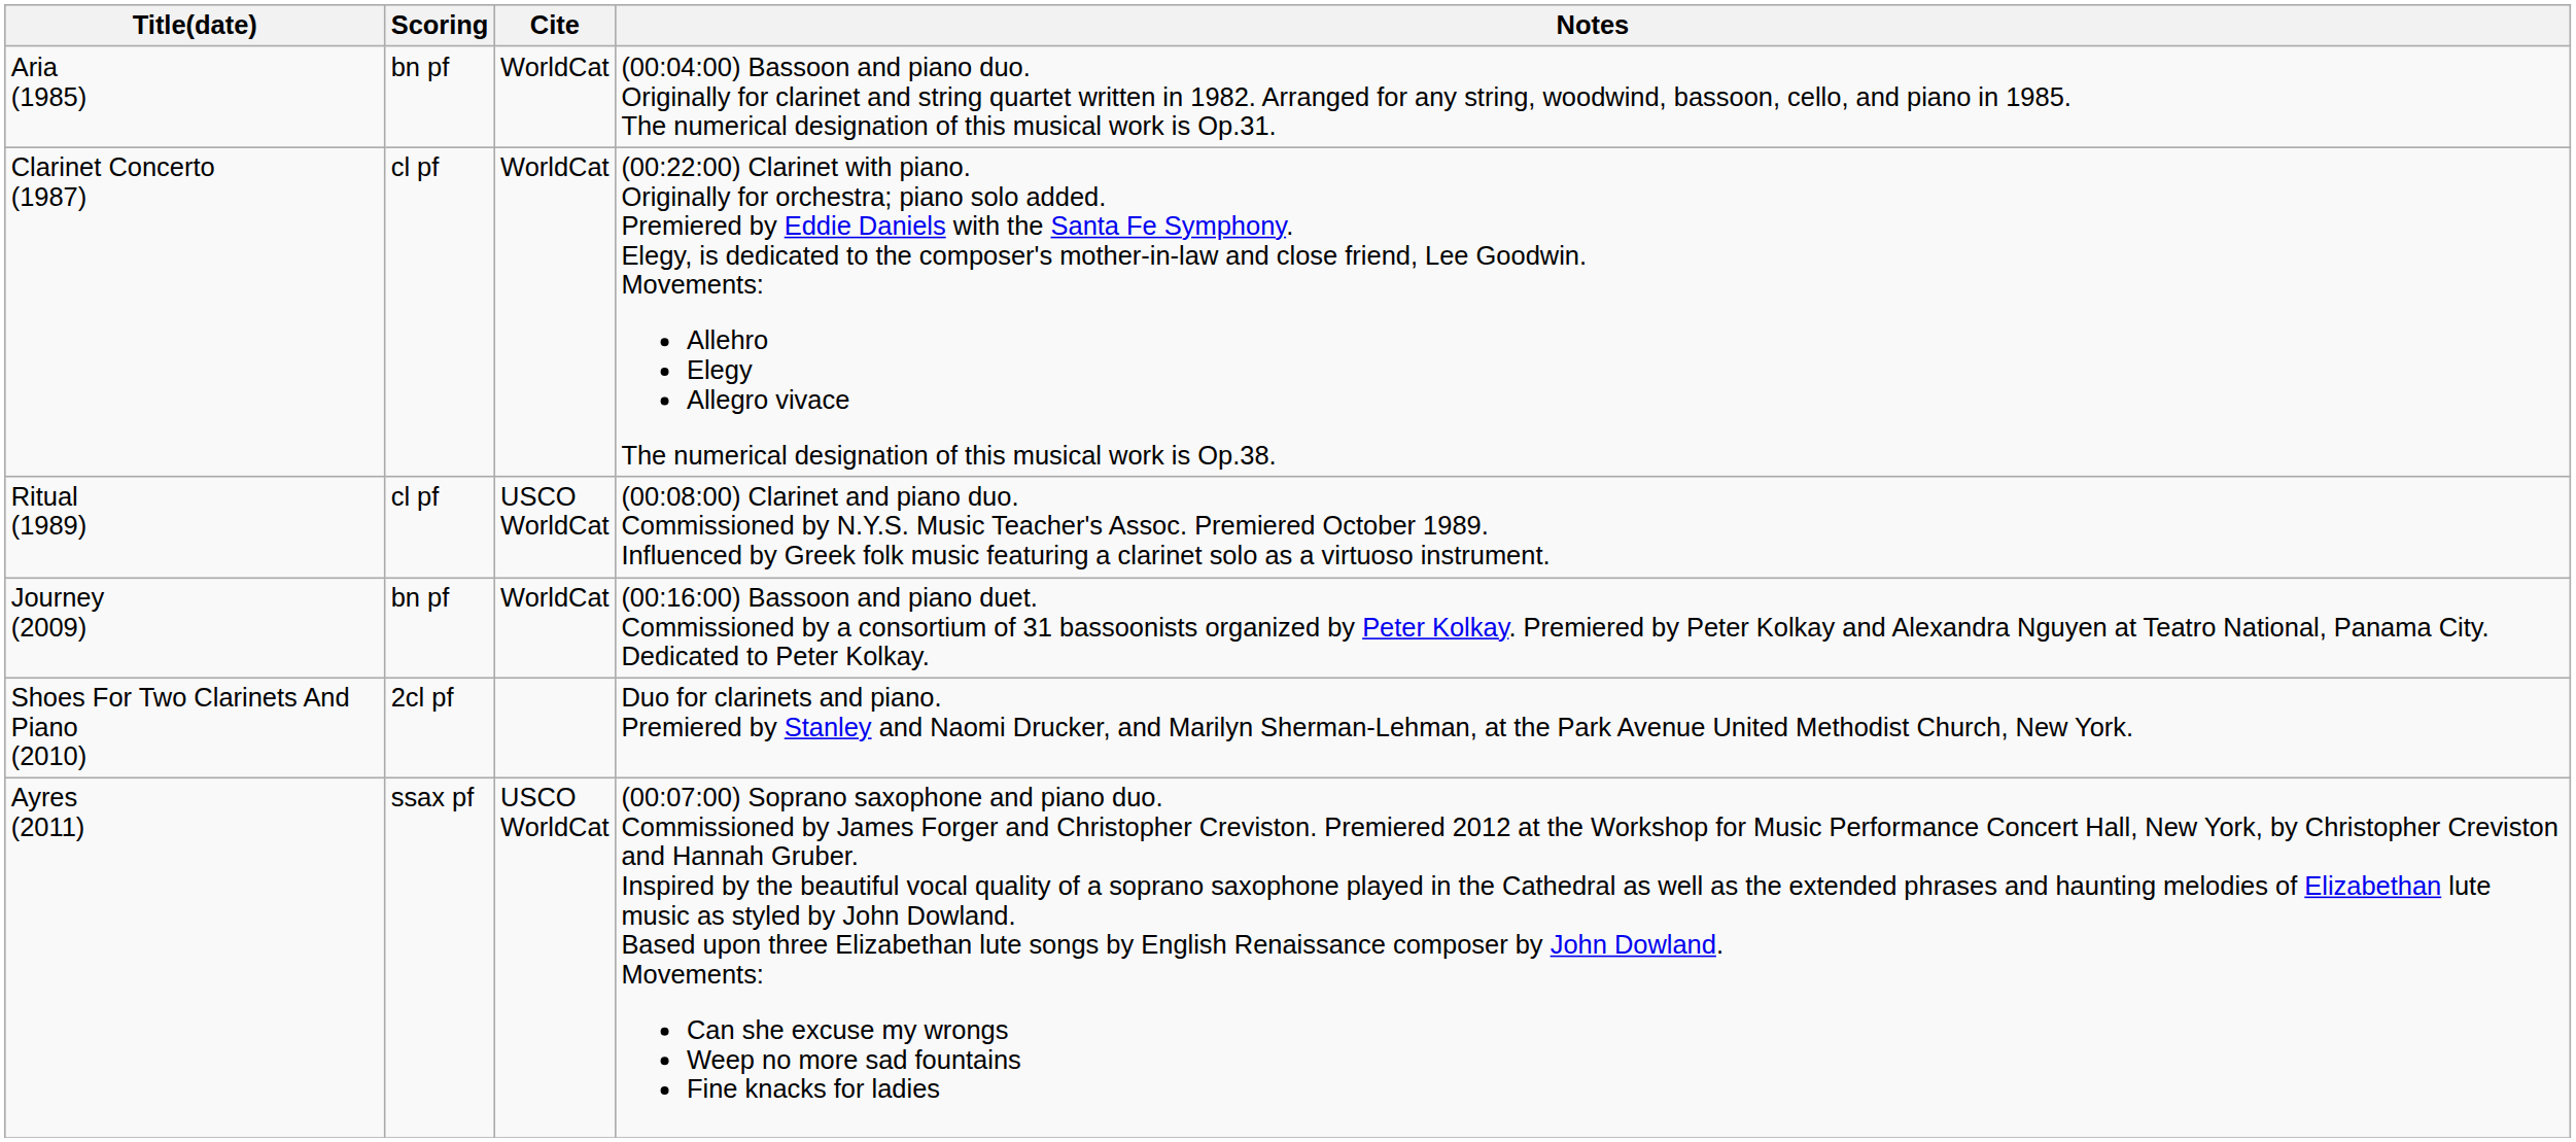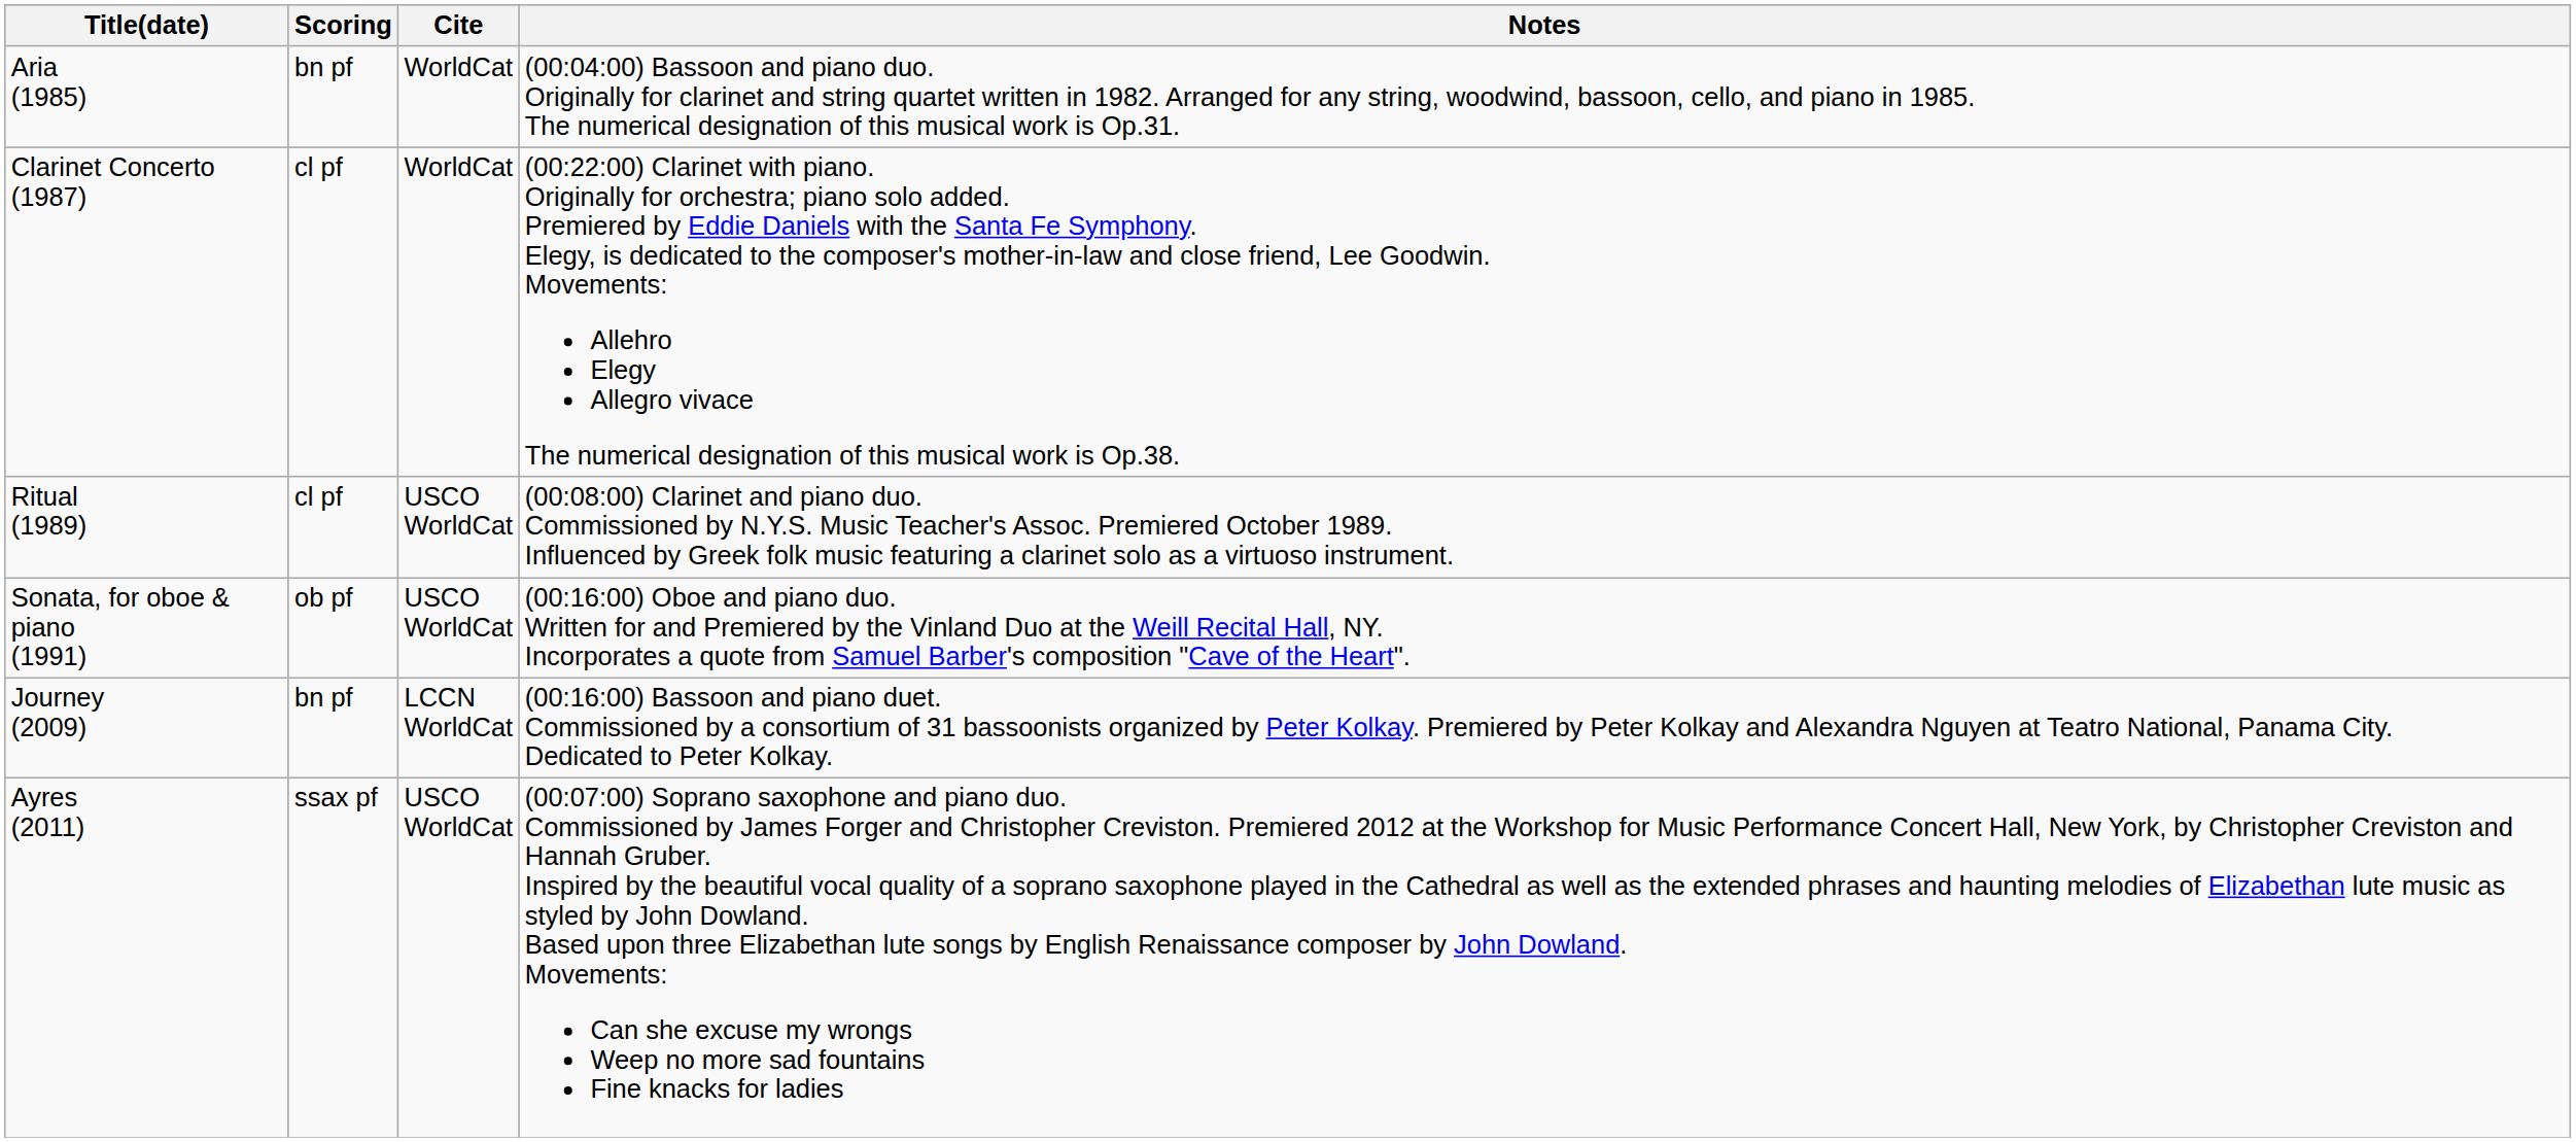 <table class="sortable wikitable" style="margins:auto; width=95%;">
 <tr>
 <th width="">Title(date)</th>
 <th width="">Scoring</th>
 <th width="">Cite</th>
 <th width="">Notes</th>
 </tr>
 <tr valign="top">
 <td>Aria<br>(1985)</td>
 <td>bn pf</td>
 <td>WorldCat</td>
 <td>(00:04:00) Bassoon and piano duo.<br>Originally for clarinet and string quartet written in 1982. Arranged for any string, woodwind, bassoon, cello, and piano in 1985.<br>The numerical designation of this musical work is Op.31.</td>
 </tr>
 <tr valign="top">
 <td>Clarinet Concerto<br>(1987)</td>
 <td>cl pf</td>
 <td>WorldCat</td>
 <td>(00:22:00) Clarinet with piano.<br>Originally for orchestra; piano solo added.<br>Premiered by <a href='#'>Eddie Daniels</a> with the <a href='#'>Santa Fe Symphony</a>.<br>Elegy, is dedicated to the composer's mother-in-law and close friend, Lee Goodwin.<br>Movements:<ul><li>Allehro</li><li>Elegy</li><li>Allegro vivace</li></ul>The numerical designation of this musical work is Op.38.</td>
 </tr>
 <tr valign="top">
 <td>Ritual<br>(1989)</td>
 <td>cl pf</td>
 <td>USCO<br>WorldCat</td>
 <td>(00:08:00) Clarinet and piano duo.<br>Commissioned by N.Y.S. Music Teacher's Assoc. Premiered October 1989.<br>Influenced by Greek folk music featuring a clarinet solo as a virtuoso instrument.</td>
 </tr>
 <tr valign="top">
+<td>Sonata, for oboe & piano<br>(1991)</td>
+<td>ob pf</td>
+<td>USCO<br>WorldCat</td>
+<td>(00:16:00) Oboe and piano duo.<br>Written for and Premiered by the Vinland Duo at the <a href='#'>Weill Recital Hall</a>, NY.<br>Incorporates a quote from <a href='#'>Samuel Barber</a>'s composition "<a href='#'>Cave of the Heart</a>".</td>
+</tr>
+<tr valign="top">
 <td>Journey<br>(2009)</td>
 <td>bn pf</td>
-<td>WorldCat</td>
+<td>LCCN<br>WorldCat</td>
 <td>(00:16:00) Bassoon and piano duet.<br>Commissioned by a consortium of 31 bassoonists organized by <a href='#'>Peter Kolkay</a>. Premiered by Peter Kolkay and Alexandra Nguyen at Teatro National, Panama City.<br>Dedicated to Peter Kolkay.</td>
-</tr>
-<tr valign="top">
-<td>Shoes For Two Clarinets And Piano<br>(2010)</td>
-<td>2cl pf</td>
-<td></td>
-<td>Duo for clarinets and piano.<br>Premiered by <a href='#'>Stanley</a> and Naomi Drucker, and Marilyn Sherman-Lehman, at the Park Avenue United Methodist Church, New York.</td>
 </tr>
 <tr valign="top">
 <td>Ayres<br>(2011)</td>
 <td>ssax pf</td>
 <td>USCO<br>WorldCat</td>
 <td>(00:07:00) Soprano saxophone and piano duo.<br>Commissioned by James Forger and Christopher Creviston. Premiered 2012 at the Workshop for Music Performance Concert Hall, New York, by Christopher Creviston and Hannah Gruber.<br>Inspired by the beautiful vocal quality of a soprano saxophone played in the Cathedral as well as the extended phrases and haunting melodies of <a href='#'>Elizabethan</a> lute music as styled by John Dowland.<br>Based upon three Elizabethan lute songs by English Renaissance composer by <a href='#'>John Dowland</a>.<br>Movements:<ul><li>Can she excuse my wrongs</li><li>Weep no more sad fountains</li><li>Fine knacks for ladies</li></ul></td>
 </tr>
 </table>
